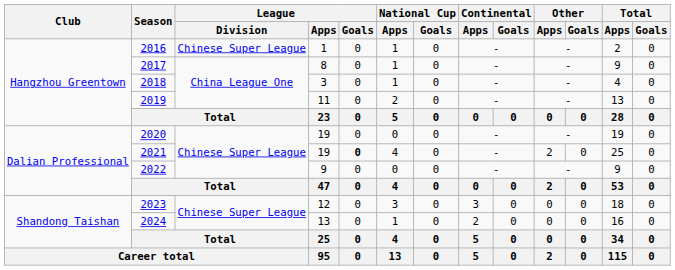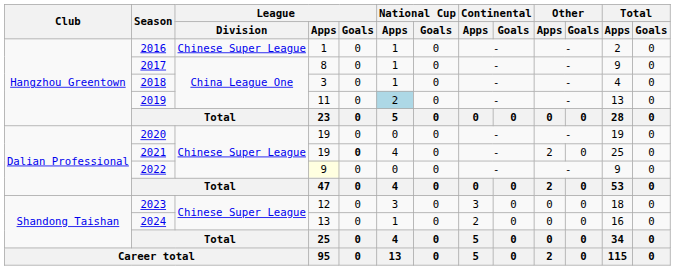 <table class="wikitable" style="text-align: center">
 <tr>
 <th rowspan="2">Club</th>
 <th rowspan="2">Season</th>
 <th colspan="3">League</th>
 <th colspan="2">National Cup</th>
 <th colspan="2">Continental</th>
 <th colspan="2">Other</th>
 <th colspan="2">Total</th>
 </tr>
 <tr>
 <th>Division</th>
 <th>Apps</th>
 <th>Goals</th>
 <th>Apps</th>
 <th>Goals</th>
 <th>Apps</th>
 <th>Goals</th>
 <th>Apps</th>
 <th>Goals</th>
 <th>Apps</th>
 <th>Goals</th>
 </tr>
 <tr>
 <td rowspan="5"><a href='#'>Hangzhou Greentown</a></td>
 <td><a href='#'>2016</a></td>
 <td><a href='#'>Chinese Super League</a></td>
 <td>1</td>
 <td>0</td>
 <td>1</td>
 <td>0</td>
 <td colspan="2">-</td>
 <td colspan="2">-</td>
 <td>2</td>
 <td>0</td>
 </tr>
 <tr>
 <td><a href='#'>2017</a></td>
 <td rowspan="3"><a href='#'>China League One</a></td>
 <td>8</td>
 <td>0</td>
 <td>1</td>
 <td>0</td>
 <td colspan="2">-</td>
 <td colspan="2">-</td>
 <td>9</td>
 <td>0</td>
 </tr>
 <tr>
 <td><a href='#'>2018</a></td>
 <td>3</td>
 <td>0</td>
 <td>1</td>
 <td>0</td>
 <td colspan="2">-</td>
 <td colspan="2">-</td>
 <td>4</td>
 <td>0</td>
 </tr>
 <tr>
 <td><a href='#'>2019</a></td>
 <td>11</td>
 <td>0</td>
-<td>2</td>
+<td style="background: lightblue;">2</td>
 <td>0</td>
 <td colspan="2">-</td>
 <td colspan="2">-</td>
 <td>13</td>
 <td>0</td>
 </tr>
 <tr>
 <th colspan="2">Total</th>
 <th>23</th>
 <th>0</th>
 <th>5</th>
 <th>0</th>
 <th>0</th>
 <th>0</th>
 <th>0</th>
 <th>0</th>
 <th>28</th>
 <th>0</th>
 </tr>
 <tr>
 <td rowspan="4"><a href='#'>Dalian Professional</a></td>
 <td><a href='#'>2020</a></td>
 <td rowspan="3"><a href='#'>Chinese Super League</a></td>
 <td>19</td>
 <td>0</td>
 <td>0</td>
 <td>0</td>
 <td colspan="2">-</td>
 <td colspan="2">-</td>
 <td>19</td>
 <td>0</td>
 </tr>
 <tr>
 <td><a href='#'>2021</a></td>
 <td>19</td>
 <td><strong>0</strong></td>
 <td>4</td>
 <td>0</td>
 <td colspan="2">-</td>
 <td>2</td>
 <td>0</td>
 <td>25</td>
 <td>0</td>
 </tr>
 <tr>
 <td><a href='#'>2022</a></td>
-<td>9</td>
+<td style="background: lightyellow;">9</td>
 <td>0</td>
 <td>0</td>
 <td>0</td>
 <td colspan="2">-</td>
 <td colspan="2">-</td>
 <td>9</td>
 <td>0</td>
 </tr>
 <tr>
 <th colspan="2">Total</th>
 <th>47</th>
 <th>0</th>
 <th>4</th>
 <th>0</th>
 <th>0</th>
 <th>0</th>
 <th>2</th>
 <th>0</th>
 <th>53</th>
 <th>0</th>
 </tr>
 <tr>
 <td rowspan="3"><a href='#'>Shandong Taishan</a></td>
 <td><a href='#'>2023</a></td>
 <td rowspan="2"><a href='#'>Chinese Super League</a></td>
 <td>12</td>
 <td>0</td>
 <td>3</td>
 <td>0</td>
 <td>3</td>
 <td>0</td>
 <td>0</td>
 <td>0</td>
 <td>18</td>
 <td>0</td>
 </tr>
 <tr>
 <td><a href='#'>2024</a></td>
 <td>13</td>
 <td>0</td>
 <td>1</td>
 <td>0</td>
 <td>2</td>
 <td>0</td>
 <td>0</td>
 <td>0</td>
 <td>16</td>
 <td>0</td>
 </tr>
 <tr>
 <th colspan="2">Total</th>
 <th>25</th>
 <th>0</th>
 <th>4</th>
 <th>0</th>
 <th>5</th>
 <th>0</th>
 <th>0</th>
 <th>0</th>
 <th>34</th>
 <th>0</th>
 </tr>
 <tr>
 <th colspan=3>Career total</th>
 <th>95</th>
 <th>0</th>
 <th>13</th>
 <th>0</th>
 <th>5</th>
 <th>0</th>
 <th>2</th>
 <th>0</th>
 <th>115</th>
 <th>0</th>
 </tr>
 </table>
